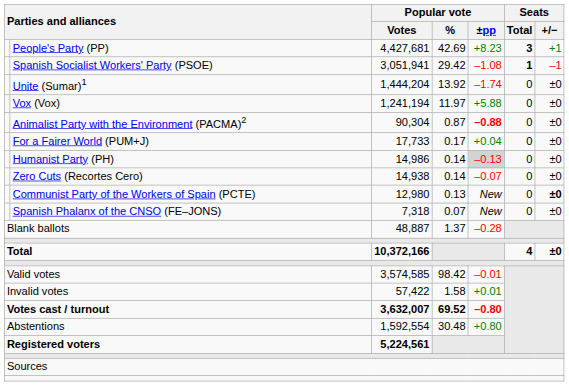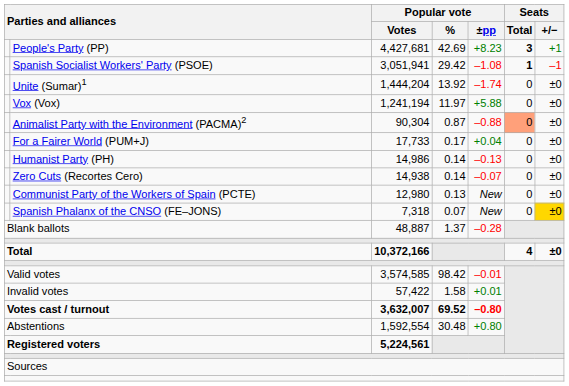 <table class="wikitable" style="text-align:right;">
 <tr>
 <th style="text-align:left;" rowspan="2" colspan="2" width="525">Parties and alliances</th>
 <th colspan="3">Popular vote</th>
 <th colspan="2">Seats</th>
 </tr>
 <tr>
 <th width="75">Votes</th>
 <th width="45">%</th>
 <th width="45">±<a href='#'>pp</a></th>
 <th width="35">Total</th>
 <th width="35">+/−</th>
 </tr>
 <tr>
 <td width="1" style="color:inherit;background:"></td>
 <td align="left"><a href='#'>People's Party</a> (PP)</td>
 <td>4,427,681</td>
 <td>42.69</td>
 <td style="color:green;">+8.23</td>
 <td><strong>3</strong></td>
 <td style="color:green;">+1</td>
 </tr>
 <tr>
 <td style="color:inherit;background:"></td>
 <td align="left"><a href='#'>Spanish Socialist Workers' Party</a> (PSOE)</td>
 <td>3,051,941</td>
 <td>29.42</td>
 <td style="color:red;">–1.08</td>
 <td><strong>1</strong></td>
 <td style="color:red;">–1</td>
 </tr>
 <tr>
 <td style="color:inherit;background:"></td>
 <td align="left"><a href='#'>Unite</a> (Sumar)<sup>1</sup></td>
 <td>1,444,204</td>
 <td>13.92</td>
 <td style="color:red;">–1.74</td>
 <td>0</td>
 <td>±0</td>
 </tr>
 <tr>
 <td style="color:inherit;background:"></td>
 <td align="left"><a href='#'>Vox</a> (Vox)</td>
 <td>1,241,194</td>
 <td>11.97</td>
 <td style="color:green;">+5.88</td>
 <td>0</td>
 <td>±0</td>
 </tr>
 <tr>
 <td style="color:inherit;background:"></td>
 <td align="left"><a href='#'>Animalist Party with the Environment</a> (PACMA)<sup>2</sup></td>
 <td>90,304</td>
 <td>0.87</td>
-<td style="color:red;"><strong>–0.88</strong></td>
-<td>0</td>
+<td style="color:red;">–0.88</td>
+<td style="background: lightsalmon;">0</td>
 <td>±0</td>
 </tr>
 <tr>
 <td style="color:inherit;background:"></td>
 <td align="left"><a href='#'>For a Fairer World</a> (PUM+J)</td>
 <td>17,733</td>
 <td>0.17</td>
 <td style="color:green;">+0.04</td>
 <td>0</td>
 <td>±0</td>
 </tr>
 <tr>
 <td style="color:inherit;background:"></td>
 <td align="left"><a href='#'>Humanist Party</a> (PH)</td>
 <td>14,986</td>
 <td>0.14</td>
-<td style="background: lightgrey; color:red;">–0.13</td>
+<td style="color:red;">–0.13</td>
 <td>0</td>
 <td>±0</td>
 </tr>
 <tr>
 <td style="color:inherit;background:"></td>
 <td align="left"><a href='#'>Zero Cuts</a> (Recortes Cero)</td>
 <td>14,938</td>
 <td>0.14</td>
 <td style="color:red;">–0.07</td>
 <td>0</td>
 <td>±0</td>
 </tr>
 <tr>
 <td style="color:inherit;background:"></td>
 <td align="left"><a href='#'>Communist Party of the Workers of Spain</a> (PCTE)</td>
 <td>12,980</td>
 <td>0.13</td>
 <td><em>New</em></td>
 <td>0</td>
-<td><strong>±0</strong></td>
+<td>±0</td>
 </tr>
 <tr>
 <td style="color:inherit;background:"></td>
 <td align="left"><a href='#'>Spanish Phalanx of the CNSO</a> (FE–JONS)</td>
 <td>7,318</td>
 <td>0.07</td>
 <td><em>New</em></td>
 <td>0</td>
-<td>±0</td>
+<td style="background: gold;">±0</td>
 </tr>
 <tr>
 <td align="left" colspan="2">Blank ballots</td>
 <td>48,887</td>
 <td>1.37</td>
 <td style="color:red;">–0.28</td>
 <td bgcolor="#E9E9E9" colspan="2"></td>
 </tr>
 <tr>
 <td colspan="7" bgcolor="#E9E9E9"></td>
 </tr>
 <tr style="font-weight:bold;">
 <td align="left" colspan="2">Total</td>
 <td>10,372,166</td>
 <td bgcolor="#E9E9E9" colspan="2"></td>
 <td>4</td>
 <td>±0</td>
 </tr>
 <tr>
 <td colspan="7" bgcolor="#E9E9E9"></td>
 </tr>
 <tr>
 <td align="left" colspan="2">Valid votes</td>
 <td>3,574,585</td>
 <td>98.42</td>
 <td style="color:red;">–0.01</td>
 <td bgcolor="#E9E9E9" colspan="2" rowspan="5"></td>
 </tr>
 <tr>
 <td align="left" colspan="2">Invalid votes</td>
 <td>57,422</td>
 <td>1.58</td>
 <td style="color:green;">+0.01</td>
 </tr>
 <tr style="font-weight:bold;">
 <td align="left" colspan="2">Votes cast / turnout</td>
 <td>3,632,007</td>
 <td>69.52</td>
 <td style="color:red;">–0.80</td>
 </tr>
 <tr>
 <td align="left" colspan="2">Abstentions</td>
 <td>1,592,554</td>
 <td>30.48</td>
 <td style="color:green;">+0.80</td>
 </tr>
 <tr style="font-weight:bold;">
 <td align="left" colspan="2">Registered voters</td>
 <td>5,224,561</td>
 <td bgcolor="#E9E9E9" colspan="2"></td>
 </tr>
 <tr>
 <td colspan="7" bgcolor="#E9E9E9"></td>
 </tr>
 <tr>
 <td align="left" colspan="7">Sources</td>
 </tr>
 <tr>
 <td colspan="7" style="text-align:left; max-width:790px;"></td>
 </tr>
 </table>
